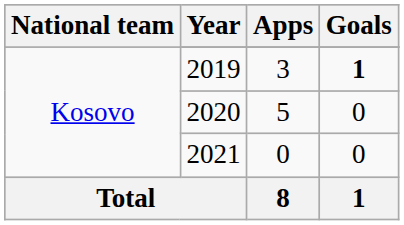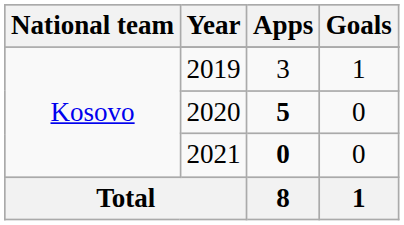 <table class="wikitable" style="text-align:center">
 <tr>
 <th>National team</th>
 <th>Year</th>
 <th>Apps</th>
 <th>Goals</th>
 </tr>
 <tr>
 <td rowspan="4"><a href='#'>Kosovo</a></td>
 </tr>
 <tr>
 <td>2019</td>
 <td>3</td>
-<td><strong>1</strong></td>
+<td>1</td>
 </tr>
 <tr>
 <td>2020</td>
-<td>5</td>
+<td><strong>5</strong></td>
 <td>0</td>
 </tr>
 <tr>
 <td>2021</td>
-<td>0</td>
+<td><strong>0</strong></td>
 <td>0</td>
 </tr>
 <tr>
 <th colspan="2">Total</th>
 <th>8</th>
 <th>1</th>
 </tr>
 </table>
